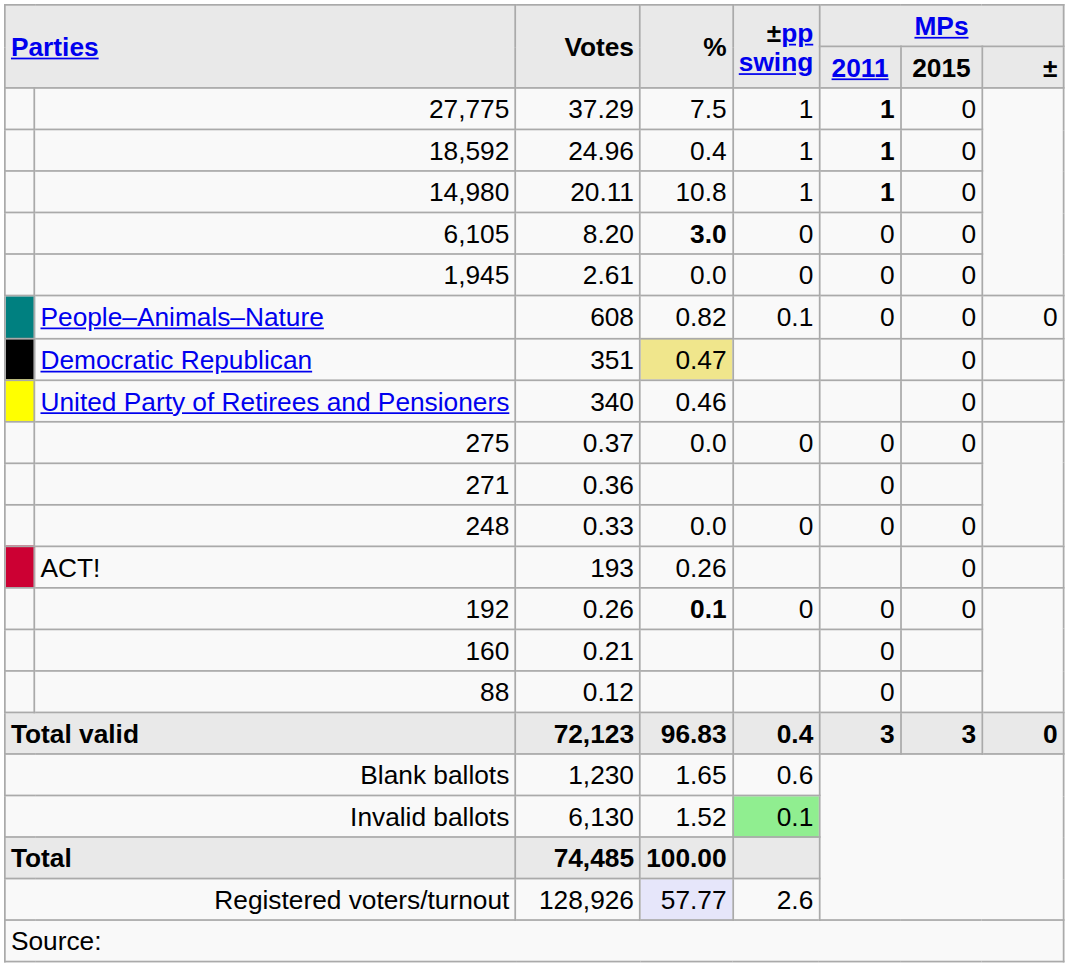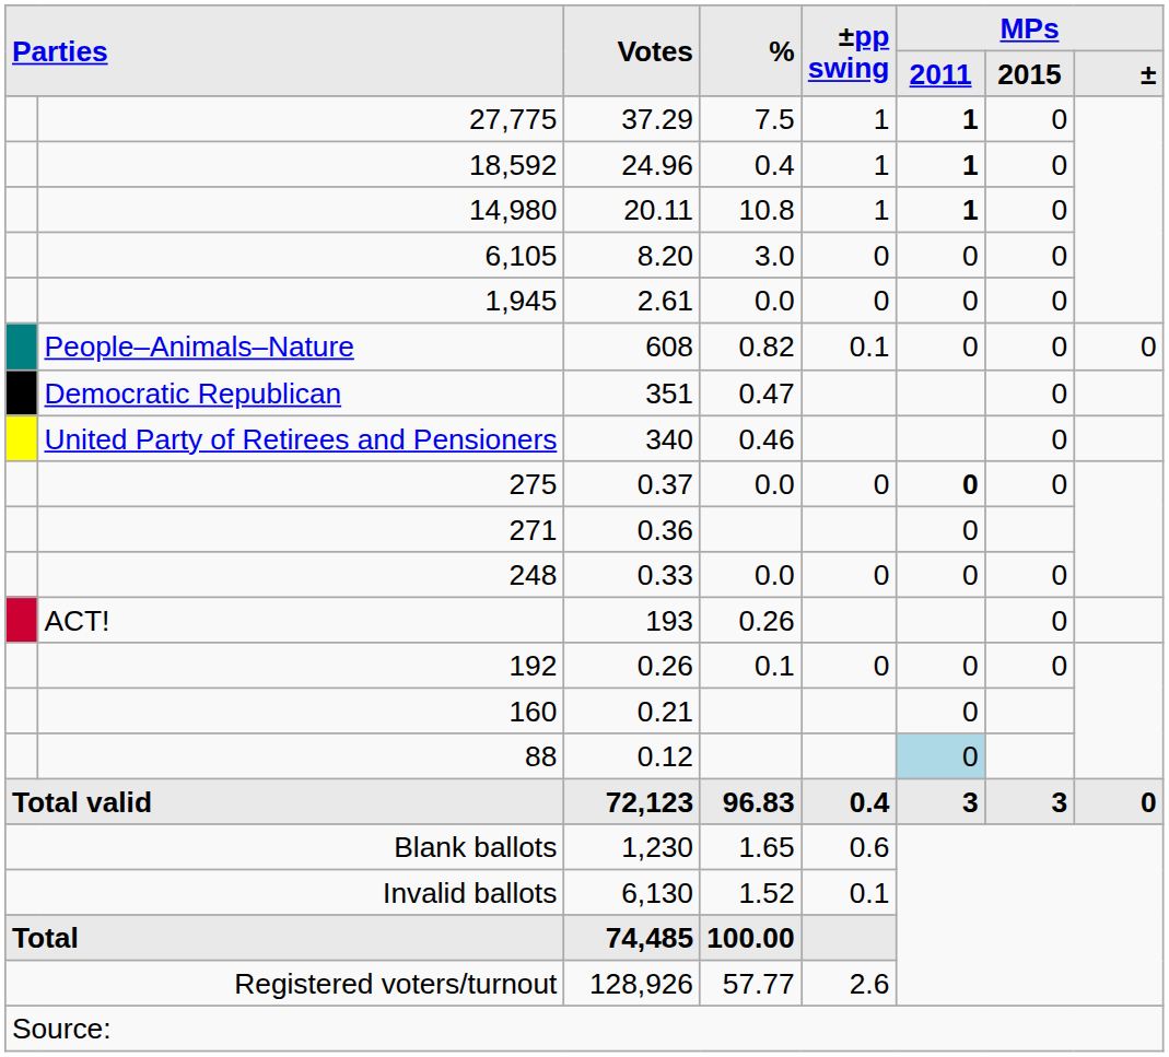 <table class="wikitable" style="text-align:right; font-size:95%;">
 <tr>
 <th rowspan="2" colspan="2" style="background:#e9e9e9; text-align:left;" alignleft><a href='#'>Parties</a></th>
 <th rowspan="2" style="background:#e9e9e9; text-align:right;">Votes</th>
 <th rowspan="2" style="background:#e9e9e9; text-align:right;">%</th>
 <th rowspan="2" style="background:#e9e9e9; text-align:right;">±<a href='#'>pp</a> <a href='#'>swing</a></th>
 <th colspan="3" style="background:#e9e9e9; text-align:center;"><a href='#'>MPs</a></th>
 </tr>
 <tr style="background-color:#E9E9E9">
 <th style="background-color:#E9E9E9;text-align:center;"><a href='#'>2011</a></th>
 <th style="background-color:#E9E9E9;text-align:center;">2015</th>
 <th style="background:#e9e9e9; text-align:right;">±</th>
 </tr>
 <tr>
 <td></td>
 <td>27,775</td>
 <td>37.29</td>
 <td>7.5</td>
 <td>1</td>
 <td><strong>1</strong></td>
 <td>0</td>
 </tr>
 <tr>
 <td></td>
 <td>18,592</td>
 <td>24.96</td>
 <td>0.4</td>
 <td>1</td>
 <td><strong>1</strong></td>
 <td>0</td>
 </tr>
 <tr>
 <td> </td>
 <td>14,980</td>
 <td>20.11</td>
 <td>10.8</td>
 <td>1</td>
 <td><strong>1</strong></td>
 <td>0</td>
 </tr>
 <tr>
 <td></td>
 <td>6,105</td>
 <td>8.20</td>
-<td><strong>3.0</strong></td>
+<td>3.0</td>
 <td>0</td>
 <td>0</td>
 <td>0</td>
 </tr>
 <tr>
 <td></td>
 <td>1,945</td>
 <td>2.61</td>
 <td>0.0</td>
 <td>0</td>
 <td>0</td>
 <td>0</td>
 </tr>
 <tr>
 <td style="width: 10px" bgcolor="teal" align="center"></td>
 <td align="left"><a href='#'>People–Animals–Nature</a></td>
 <td>608</td>
 <td>0.82</td>
 <td>0.1</td>
 <td>0</td>
 <td>0</td>
 <td>0</td>
 </tr>
 <tr>
 <td style="width: 10px" bgcolor=black align="center"></td>
 <td align=left><a href='#'>Democratic Republican</a></td>
 <td>351</td>
-<td style="background: khaki;">0.47</td>
+<td>0.47</td>
 <td></td>
 <td></td>
 <td>0</td>
 <td></td>
 </tr>
 <tr>
 <td style="width: 10px" bgcolor=yellow align="center"></td>
 <td align=left><a href='#'>United Party of Retirees and Pensioners</a></td>
 <td>340</td>
 <td>0.46</td>
 <td></td>
 <td></td>
 <td>0</td>
 <td></td>
 </tr>
 <tr>
 <td></td>
 <td>275</td>
 <td>0.37</td>
 <td>0.0</td>
 <td>0</td>
-<td>0</td>
+<td><strong>0</strong></td>
 <td>0</td>
 </tr>
 <tr>
 <td></td>
 <td>271</td>
 <td>0.36</td>
 <td></td>
 <td></td>
 <td>0</td>
 <td></td>
 </tr>
 <tr>
 <td></td>
 <td>248</td>
 <td>0.33</td>
 <td>0.0</td>
 <td>0</td>
 <td>0</td>
 <td>0</td>
 </tr>
 <tr>
 <td style="width:10px; background:#CC0033; text-align:center;"></td>
 <td style="text-align:left;">ACT! </td>
 <td>193</td>
 <td>0.26</td>
 <td></td>
 <td></td>
 <td>0</td>
 <td></td>
 </tr>
 <tr>
 <td></td>
 <td>192</td>
 <td>0.26</td>
-<td><strong>0.1</strong></td>
+<td>0.1</td>
 <td>0</td>
 <td>0</td>
 <td>0</td>
 </tr>
 <tr>
 <td></td>
 <td>160</td>
 <td>0.21</td>
 <td></td>
 <td></td>
 <td>0</td>
 <td></td>
 </tr>
 <tr>
 <td></td>
 <td>88</td>
 <td>0.12</td>
 <td></td>
 <td></td>
-<td>0</td>
+<td style="background: lightblue;">0</td>
 <td></td>
 </tr>
 <tr>
 <td colspan=2 align=left style="background-color:#E9E9E9"><strong>Total valid</strong></td>
 <td width="65" align="right" style="background-color:#E9E9E9"><strong>72,123</strong></td>
 <td width="40" align="right" style="background-color:#E9E9E9"><strong>96.83</strong></td>
 <td width="40" align="right" style="background-color:#E9E9E9"><strong>0.4</strong></td>
 <td width="40" align="right" style="background-color:#E9E9E9"><strong>3</strong></td>
 <td width="40" align="right" style="background-color:#E9E9E9"><strong>3</strong></td>
 <td width="40" align="right" style="background-color:#E9E9E9"><strong>0</strong></td>
 </tr>
 <tr>
 <td colspan=2>Blank ballots</td>
 <td>1,230</td>
 <td>1.65</td>
 <td>0.6</td>
 <td colspan=4 rowspan=4></td>
 </tr>
 <tr>
 <td colspan=2>Invalid ballots</td>
 <td>6,130</td>
 <td>1.52</td>
-<td style="background: lightgreen;">0.1</td>
+<td>0.1</td>
 </tr>
 <tr>
 <td colspan=2 width="259" align=left style="background-color:#E9E9E9"><strong>Total</strong></td>
 <td width="50" align="right" style="background-color:#E9E9E9"><strong>74,485</strong></td>
 <td width="40" align="right" style="background-color:#E9E9E9"><strong>100.00</strong></td>
 <td width="40" align="right" style="background-color:#E9E9E9"></td>
 </tr>
 <tr>
 <td colspan=2>Registered voters/turnout</td>
 <td>128,926</td>
-<td style="background: lavender;">57.77</td>
+<td>57.77</td>
 <td>2.6</td>
 </tr>
 <tr>
 <td colspan=11 align=left>Source: </td>
 </tr>
 </table>
